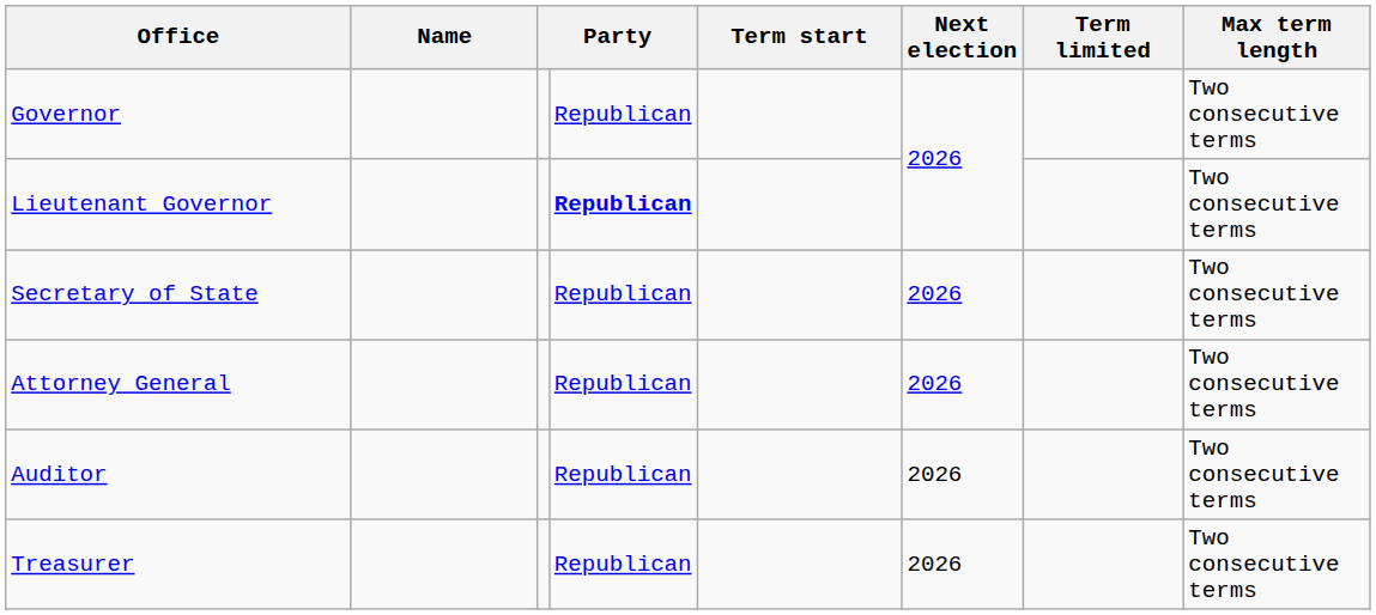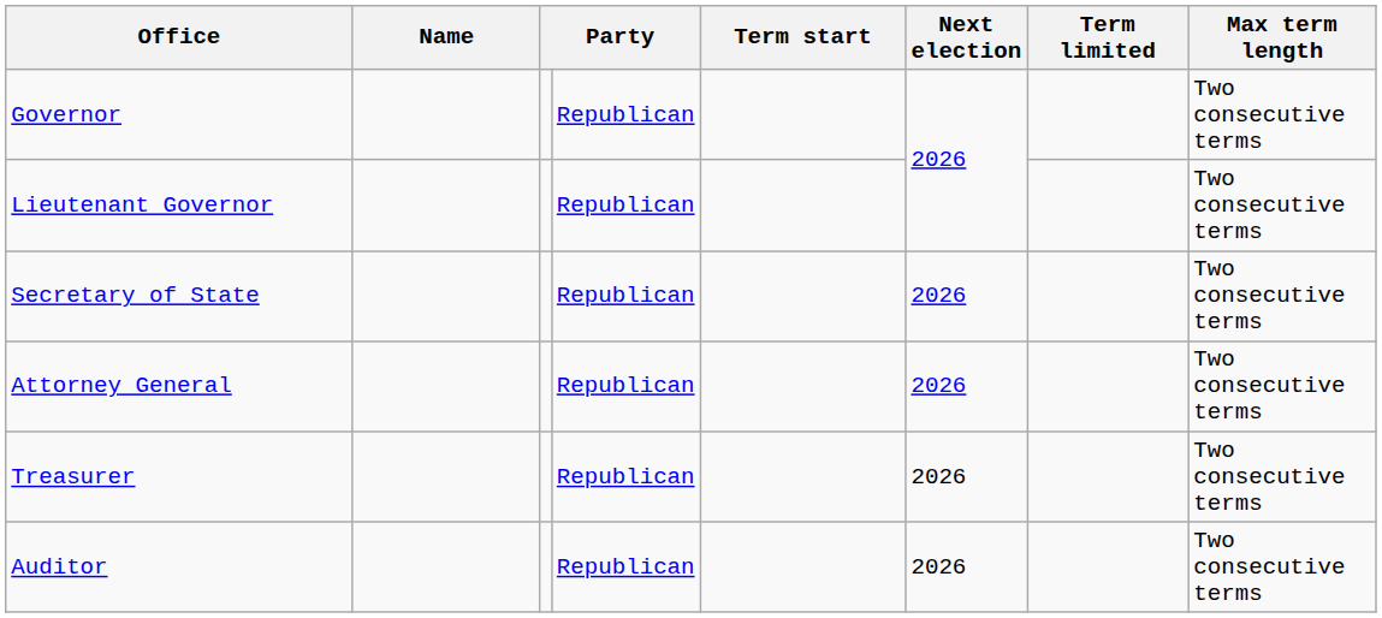 <table class="sortable wikitable">
 <tr>
 <th scope="col" width=190>Office</th>
 <th scope="col" width=100>Name</th>
 <th scope="col" width=75 colspan=2>Party</th>
 <th scope="col" width=110>Term start</th>
 <th scope="col" width=50>Next election</th>
 <th scope="col" width=85>Term limited</th>
 <th scope="col" width=100>Max term length</th>
 </tr>
 <tr>
 <td><a href='#'>Governor</a></td>
 <td></td>
 <td style="background-color:"></td>
 <td><a href='#'>Republican</a></td>
 <td></td>
 <td rowspan=2><a href='#'>2026</a></td>
 <td></td>
 <td>Two consecutive terms</td>
 </tr>
 <tr>
 <td><a href='#'>Lieutenant Governor</a></td>
 <td></td>
 <td style="background-color:"></td>
-<td><strong><a href='#'>Republican</a></strong></td>
+<td><a href='#'>Republican</a></td>
 <td></td>
 <td></td>
 <td>Two consecutive terms</td>
 </tr>
 <tr>
 <td><a href='#'>Secretary of State</a></td>
 <td></td>
 <td style="background-color:"></td>
 <td><a href='#'>Republican</a></td>
 <td></td>
 <td><a href='#'>2026</a></td>
 <td></td>
 <td>Two consecutive terms</td>
 </tr>
 <tr>
 <td><a href='#'>Attorney General</a></td>
 <td></td>
 <td style="background-color:"></td>
 <td><a href='#'>Republican</a></td>
 <td></td>
 <td><a href='#'>2026</a></td>
 <td></td>
 <td>Two consecutive terms</td>
 </tr>
 <tr>
+<td><a href='#'>Treasurer</a></td>
+<td></td>
+<td style="background-color:"></td>
+<td><a href='#'>Republican</a></td>
+<td></td>
+<td>2026</td>
+<td></td>
+<td>Two consecutive terms</td>
+</tr>
+<tr>
 <td><a href='#'>Auditor</a></td>
 <td></td>
 <td style="background-color:"></td>
 <td><a href='#'>Republican</a></td>
 <td></td>
 <td>2026</td>
 <td></td>
 <td>Two consecutive terms</td>
 </tr>
-<tr>
-<td><a href='#'>Treasurer</a></td>
-<td></td>
-<td style="background-color:"></td>
-<td><a href='#'>Republican</a></td>
-<td></td>
-<td>2026</td>
-<td></td>
-<td>Two consecutive terms</td>
-</tr>
 </table>
